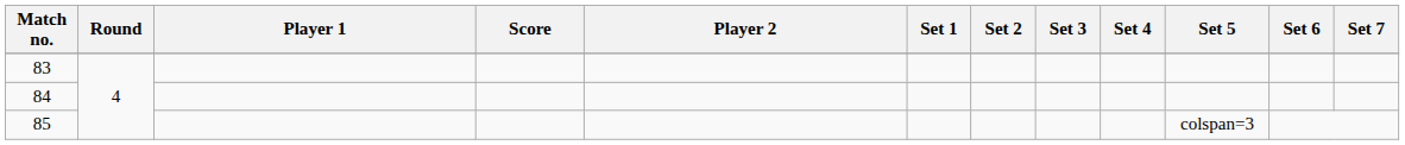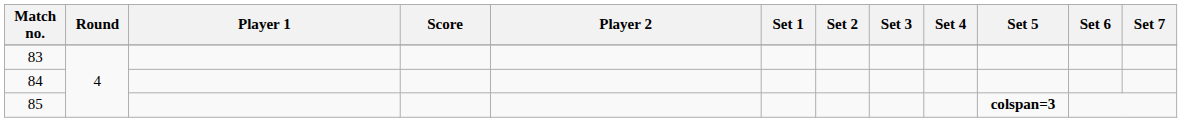 <table class="wikitable" style="text-align: center;">
 <tr>
 <th width="2%">Match no.</th>
 <th width="2%">Round</th>
 <th width="15%">Player 1</th>
 <th width="5%">Score</th>
 <th width="15%">Player 2</th>
 <th width="3%">Set 1</th>
 <th width="3%">Set 2</th>
 <th width="3%">Set 3</th>
 <th width="3%">Set 4</th>
 <th width="3%">Set 5</th>
 <th width="3%">Set 6</th>
 <th width="3%">Set 7</th>
 </tr>
 <tr>
 </tr>
 <tr style=text-align:center;>
 <td>83</td>
 <td rowspan=3>4</td>
 <td></td>
 <td></td>
 <td></td>
 <td></td>
 <td></td>
 <td></td>
 <td></td>
 <td></td>
 <td></td>
 <td></td>
 </tr>
 <tr style=text-align:center;>
 <td>84</td>
 <td></td>
 <td></td>
 <td></td>
 <td></td>
 <td></td>
 <td></td>
 <td></td>
 <td></td>
 <td></td>
 <td></td>
 </tr>
 <tr style=text-align:center;>
 <td>85</td>
 <td></td>
 <td></td>
 <td></td>
 <td></td>
 <td></td>
 <td></td>
 <td></td>
-<td>colspan=3</td>
+<td><strong>colspan=3</strong></td>
 </tr>
 </table>
